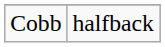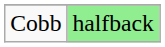 <table class="wikitable">
 <tr>
 </tr>
 <tr>
 <td>Cobb</td>
-<td>halfback</td>
+<td style="background: lightgreen;">halfback</td>
 </tr>
 </table>
